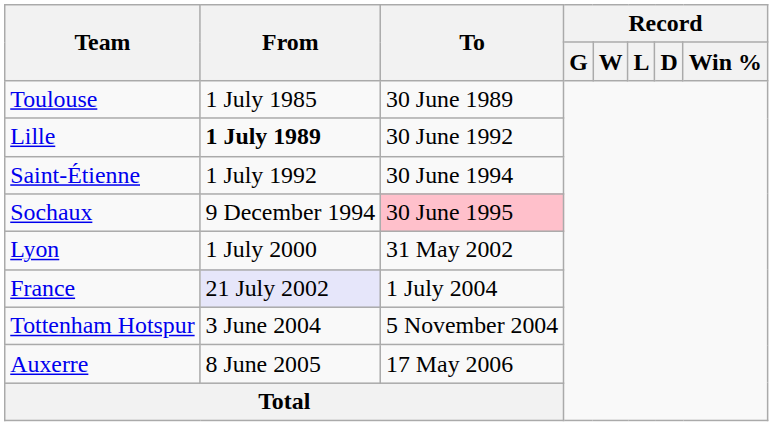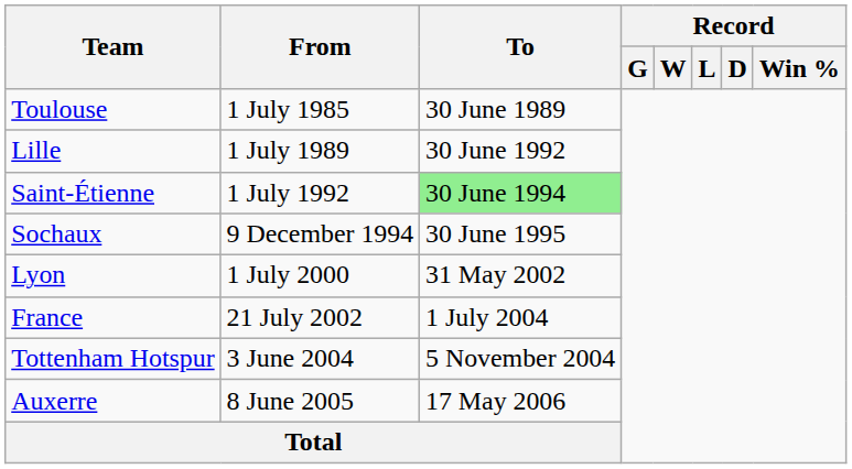 <table class="wikitable" style="text-align: center;">
 <tr>
 <th rowspan="2">Team</th>
 <th rowspan="2">From</th>
 <th rowspan="2">To</th>
 <th colspan="5">Record</th>
 </tr>
 <tr>
 <th>G</th>
 <th>W</th>
 <th>L</th>
 <th>D</th>
 <th>Win %</th>
 </tr>
 <tr>
 <td align=left><a href='#'>Toulouse</a></td>
 <td align=left>1 July 1985</td>
 <td align=left>30 June 1989<br></td>
 </tr>
 <tr>
 <td align=left><a href='#'>Lille</a></td>
-<td align=left><strong>1 July 1989</strong></td>
+<td align=left>1 July 1989</td>
 <td align=left>30 June 1992<br></td>
 </tr>
 <tr>
 <td align=left><a href='#'>Saint-Étienne</a></td>
 <td align=left>1 July 1992</td>
-<td align=left>30 June 1994<br></td>
+<td align=left style="background: lightgreen;">30 June 1994<br></td>
 </tr>
 <tr>
 <td align=left><a href='#'>Sochaux</a></td>
 <td align=left>9 December 1994</td>
-<td align=left style="background: pink;">30 June 1995<br></td>
+<td align=left>30 June 1995<br></td>
 </tr>
 <tr>
 <td align=left><a href='#'>Lyon</a></td>
 <td align=left>1 July 2000</td>
 <td align=left>31 May 2002<br></td>
 </tr>
 <tr>
 <td align=left><a href='#'>France</a></td>
-<td align=left style="background: lavender;">21 July 2002</td>
+<td align=left>21 July 2002</td>
 <td align=left>1 July 2004<br></td>
 </tr>
 <tr>
 <td align=left><a href='#'>Tottenham Hotspur</a></td>
 <td align=left>3 June 2004</td>
 <td align=left>5 November 2004<br></td>
 </tr>
 <tr>
 <td align=left><a href='#'>Auxerre</a></td>
 <td align=left>8 June 2005</td>
 <td align=left>17 May 2006<br></td>
 </tr>
 <tr>
 <th colspan="3">Total<br></th>
 </tr>
 </table>
